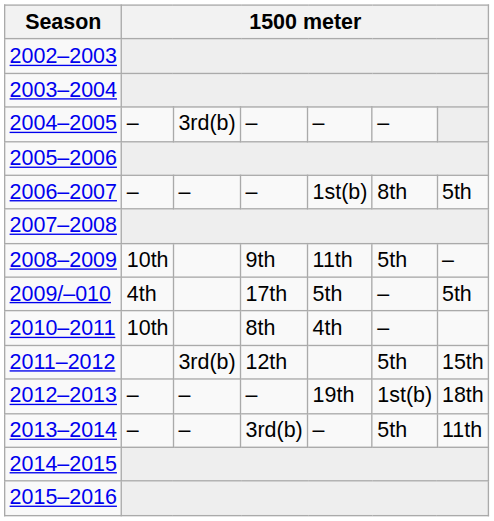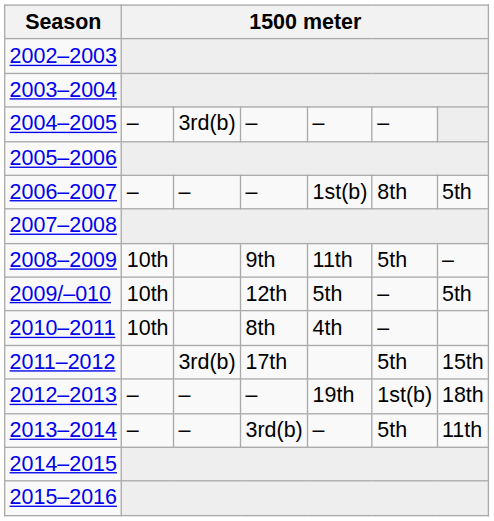 <table class="wikitable" style="display: inline-table;">
 <tr>
 <th>Season</th>
 <th colspan="6">1500 meter</th>
 </tr>
 <tr>
 <td><a href='#'>2002–2003</a></td>
 <td colspan="6" bgcolor=#EEEEEE></td>
 </tr>
 <tr>
 <td><a href='#'>2003–2004</a></td>
 <td colspan="6" bgcolor=#EEEEEE></td>
 </tr>
 <tr>
 <td><a href='#'>2004–2005</a></td>
 <td>–</td>
 <td>3rd(b)</td>
 <td>–</td>
 <td>–</td>
 <td>–</td>
 <td colspan="1" bgcolor=#EEEEEE></td>
 </tr>
 <tr>
 <td><a href='#'>2005–2006</a></td>
 <td colspan="6" bgcolor=#EEEEEE></td>
 </tr>
 <tr>
 <td><a href='#'>2006–2007</a></td>
 <td>–</td>
 <td>–</td>
 <td>–</td>
 <td>1st(b)</td>
 <td>8th</td>
 <td>5th</td>
 </tr>
 <tr>
 <td><a href='#'>2007–2008</a></td>
 <td colspan="6" bgcolor=#EEEEEE></td>
 </tr>
 <tr>
 <td><a href='#'>2008–2009</a></td>
 <td>10th</td>
 <td></td>
 <td>9th</td>
 <td>11th</td>
 <td>5th</td>
 <td>–</td>
 </tr>
 <tr>
 <td><a href='#'>2009/–010</a></td>
-<td>4th</td>
+<td>10th</td>
 <td></td>
-<td>17th</td>
+<td>12th</td>
 <td>5th</td>
 <td>–</td>
 <td>5th</td>
 </tr>
 <tr>
 <td><a href='#'>2010–2011</a></td>
 <td>10th</td>
 <td></td>
 <td>8th</td>
 <td>4th</td>
 <td>–</td>
 <td></td>
 </tr>
 <tr>
 <td><a href='#'>2011–2012</a></td>
 <td></td>
 <td>3rd(b)</td>
-<td>12th</td>
+<td>17th</td>
 <td></td>
 <td>5th</td>
 <td>15th</td>
 </tr>
 <tr>
 <td><a href='#'>2012–2013</a></td>
 <td>–</td>
 <td>–</td>
 <td>–</td>
 <td>19th</td>
 <td>1st(b)</td>
 <td>18th</td>
 </tr>
 <tr>
 <td><a href='#'>2013–2014</a></td>
 <td>–</td>
 <td>–</td>
 <td>3rd(b)</td>
 <td>–</td>
 <td>5th</td>
 <td>11th</td>
 </tr>
 <tr>
 <td><a href='#'>2014–2015</a></td>
 <td colspan="6" bgcolor=#EEEEEE></td>
 </tr>
 <tr>
 <td><a href='#'>2015–2016</a></td>
 <td colspan="6" bgcolor=#EEEEEE></td>
 </tr>
 </table>
